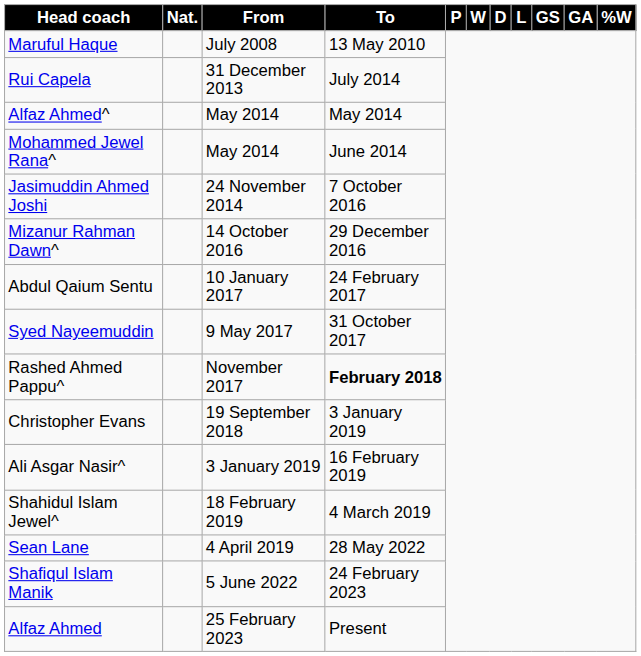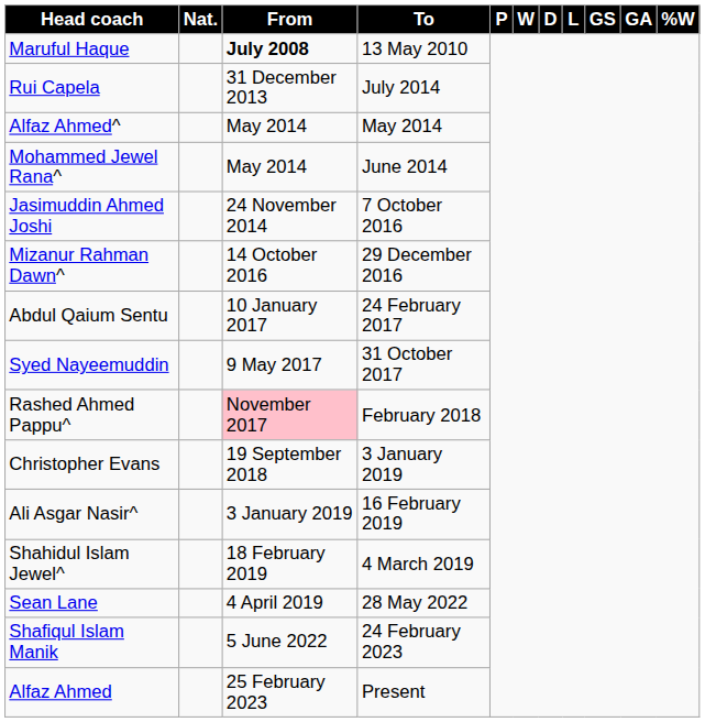 <table class="wikitable sortable" style="text-align: center">
 <tr>
 <th style="background:black; color:white; width:200px;">Head coach</th>
 <th style="background:black; color:white; width:15px;">Nat.</th>
 <th style="background:black; color:white; width:150px;" class="unsortable">From</th>
 <th style="background:black; color:white; width:150px;" class="unsortable">To</th>
 <th style="background:black; color:white; width:15px;" abbr="1">P</th>
 <th style="background:black; color:white; width:15px;" abbr="1">W</th>
 <th style="background:black; color:white; width:15px;" abbr="0">D</th>
 <th style="background:black; color:white; width:15px;" abbr="1">L</th>
 <th style="background:black; color:white; width:25px;" abbr="2">GS</th>
 <th style="background:black; color:white; width:25px;" abbr="4">GA</th>
 <th style="background:black; color:white; width:30px;" abbr="50">%W</th>
 </tr>
 <tr>
 <td align=left><a href='#'>Maruful Haque</a></td>
 <td align=left></td>
-<td align=left>July 2008</td>
+<td align=left><strong>July 2008</strong></td>
 <td align=left>13 May 2010<br></td>
 </tr>
 <tr>
 <td align=left><a href='#'>Rui Capela</a></td>
 <td align=left></td>
 <td align=left>31 December 2013</td>
 <td align=left>July 2014<br></td>
 </tr>
 <tr>
 <td align=left><a href='#'>Alfaz Ahmed</a>^</td>
 <td align=left></td>
 <td align=left>May 2014</td>
 <td align=left>May 2014<br></td>
 </tr>
 <tr>
 <td align=left><a href='#'>Mohammed Jewel Rana</a>^</td>
 <td align=left></td>
 <td align=left>May 2014</td>
 <td align=left>June 2014<br></td>
 </tr>
 <tr>
 <td align=left><a href='#'>Jasimuddin Ahmed Joshi</a></td>
 <td align=left></td>
 <td align=left>24 November 2014</td>
 <td align=left>7 October 2016<br></td>
 </tr>
 <tr>
 <td align=left><a href='#'>Mizanur Rahman Dawn</a>^</td>
 <td align=left></td>
 <td align=left>14 October 2016</td>
 <td align=left>29 December 2016<br></td>
 </tr>
 <tr>
 <td align=left>Abdul Qaium Sentu</td>
 <td align=left></td>
 <td align=left>10 January 2017</td>
 <td align=left>24 February 2017<br></td>
 </tr>
 <tr>
 <td align=left><a href='#'>Syed Nayeemuddin</a></td>
 <td align=left></td>
 <td align=left>9 May 2017</td>
 <td align=left>31 October 2017<br></td>
 </tr>
 <tr>
 <td align=left>Rashed Ahmed Pappu^</td>
 <td align=left></td>
-<td align=left>November 2017</td>
-<td align=left><strong>February 2018<br></strong></td>
+<td align=left style="background: pink;">November 2017</td>
+<td align=left>February 2018<br></td>
 </tr>
 <tr>
 <td align=left>Christopher Evans</td>
 <td align=left></td>
 <td align=left>19 September 2018</td>
 <td align=left>3 January 2019<br></td>
 </tr>
 <tr>
 <td align=left>Ali Asgar Nasir^</td>
 <td align=left></td>
 <td align=left>3 January 2019</td>
 <td align=left>16 February 2019<br></td>
 </tr>
 <tr>
 <td align=left>Shahidul Islam Jewel^</td>
 <td align=left></td>
 <td align=left>18 February 2019</td>
 <td align=left>4 March 2019<br></td>
 </tr>
 <tr>
 <td align=left><a href='#'>Sean Lane</a></td>
 <td align=left></td>
 <td align=left>4 April 2019</td>
 <td align=left>28 May 2022<br></td>
 </tr>
 <tr>
 <td align=left><a href='#'>Shafiqul Islam Manik</a></td>
 <td align=left></td>
 <td align=left>5 June 2022</td>
 <td align=left>24 February 2023<br></td>
 </tr>
 <tr>
 <td align=left><a href='#'>Alfaz Ahmed</a></td>
 <td align=left></td>
 <td align=left>25 February 2023</td>
 <td align=left>Present<br></td>
 </tr>
 </table>
